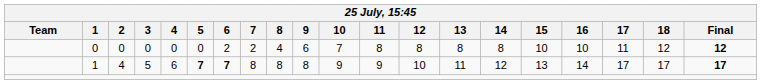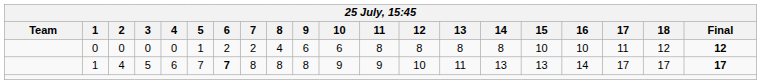 <table class=wikitable style="text-align:center; width: 55%">
 <tr>
 <th colspan=20><em>25 July, 15:45</em></th>
 </tr>
 <tr>
 <th>Team</th>
 <th>1</th>
 <th>2</th>
 <th>3</th>
 <th>4</th>
 <th>5</th>
 <th>6</th>
 <th>7</th>
 <th>8</th>
 <th>9</th>
 <th>10</th>
 <th>11</th>
 <th>12</th>
 <th>13</th>
 <th>14</th>
 <th>15</th>
 <th>16</th>
 <th>17</th>
 <th>18</th>
 <th>Final</th>
 </tr>
 <tr>
 <td align=left></td>
 <td>0</td>
 <td>0</td>
 <td>0</td>
 <td>0</td>
-<td>0</td>
+<td>1</td>
 <td>2</td>
 <td>2</td>
 <td>4</td>
 <td>6</td>
-<td>7</td>
+<td>6</td>
 <td>8</td>
 <td>8</td>
 <td>8</td>
 <td>8</td>
 <td>10</td>
 <td>10</td>
 <td>11</td>
 <td>12</td>
 <td><strong>12</strong></td>
 </tr>
 <tr>
 <td align=left><strong></strong></td>
 <td>1</td>
 <td>4</td>
 <td>5</td>
 <td>6</td>
-<td><strong>7</strong></td>
+<td>7</td>
 <td><strong>7</strong></td>
 <td>8</td>
 <td>8</td>
 <td>8</td>
 <td>9</td>
 <td>9</td>
 <td>10</td>
 <td>11</td>
-<td>12</td>
+<td>13</td>
 <td>13</td>
 <td>14</td>
 <td>17</td>
 <td>17</td>
 <td><strong>17</strong></td>
 </tr>
 <tr>
 <td colspan=20></td>
 </tr>
 </table>
